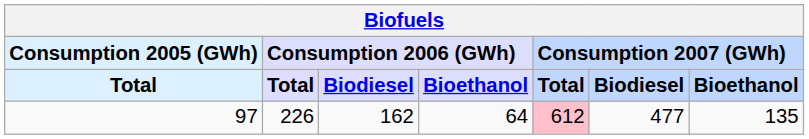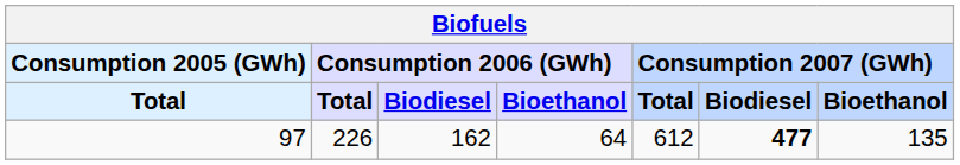 <table class="wikitable" style="text-align:right">
 <tr>
 <th colspan="9"><a href='#'>Biofuels</a></th>
 </tr>
 <tr>
 <th style="background:#dcf0ff; text-align:left;">Consumption 2005 (GWh)</th>
 <th colspan="3" style="background:#ddf; text-align:left;">Consumption 2006 (GWh)</th>
 <th colspan="3" style="background:#bfd7ff; text-align:left;">Consumption 2007 (GWh)</th>
 </tr>
 <tr>
 <th style="background:#dcf0ff;">Total</th>
 <th style="background:#ddf;">Total</th>
 <th style="background:#ddf;"><a href='#'>Biodiesel</a></th>
 <th style="background:#ddf;"><a href='#'>Bioethanol</a></th>
 <th style="background:#bfd7ff;">Total</th>
 <th style="background:#bfd7ff;">Biodiesel</th>
 <th style="background:#bfd7ff;">Bioethanol</th>
 </tr>
 <tr>
 <td>97</td>
 <td>226</td>
 <td>162</td>
 <td>64</td>
-<td style="background: pink;">612</td>
-<td>477</td>
+<td>612</td>
+<td><strong>477</strong></td>
 <td>135</td>
 </tr>
 </table>
